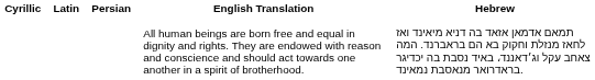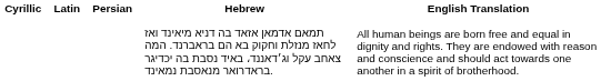 <table valign="top" cellpadding="8">
 <tr>
 <th>Cyrillic</th>
 <th>Latin</th>
 <th>Persian</th>
+<th>Hebrew</th>
 <th>English Translation</th>
-<th>Hebrew</th>
 </tr>
 <tr>
 <td style="text-align: justify;"></td>
 <td></td>
 <td align="right"></td>
+<td>תמאם  אדמאן אזאד בה דניא מיאינד ואז לחאז מנזלת וחקוק בא הם בראברנד. המה צאחב עקל וג׳דאננד، באיד נסבת בה יכדיגר בראדרואר מנאסבת נמאינד.</td>
 <td>All human beings are born free and equal in dignity and rights. They are endowed with reason and conscience and should act towards one another in a spirit of brotherhood.</td>
-<td>תמאם  אדמאן אזאד בה דניא מיאינד ואז לחאז מנזלת וחקוק בא הם בראברנד. המה צאחב עקל וג׳דאננד، באיד נסבת בה יכדיגר בראדרואר מנאסבת נמאינד.</td>
 </tr>
 </table>
